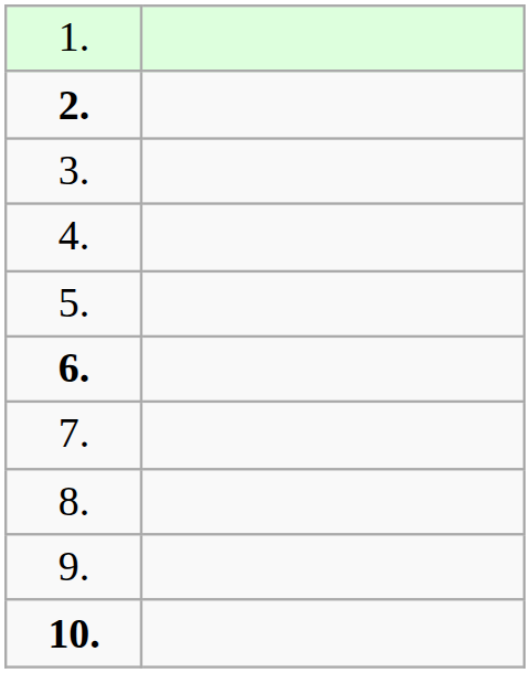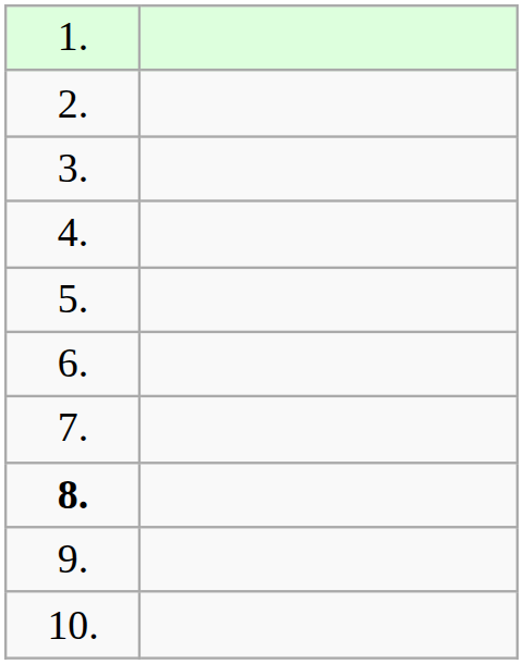 <table class="wikitable" style="text-align:center; width:200px;">
 <tr style="background:#dfd;">
 <td style="width:45px;">1.</td>
 <td style="padding-left:4px; text-align:left;"> </td>
 </tr>
 <tr>
-<td><strong>2.</strong></td>
+<td>2.</td>
 <td style="padding-left:4px; text-align:left;"></td>
 </tr>
 <tr>
 <td>3.</td>
 <td style="padding-left:4px; text-align:left;"></td>
 </tr>
 <tr>
 <td>4.</td>
 <td style="padding-left:4px; text-align:left;"></td>
 </tr>
 <tr>
 <td>5.</td>
 <td style="padding-left:4px; text-align:left;"></td>
 </tr>
 <tr>
-<td><strong>6.</strong></td>
+<td>6.</td>
 <td style="padding-left:4px; text-align:left;"></td>
 </tr>
 <tr>
 <td>7.</td>
 <td style="padding-left:4px; text-align:left;"></td>
 </tr>
 <tr>
-<td>8.</td>
+<td><strong>8.</strong></td>
 <td style="padding-left:4px; text-align:left;"></td>
 </tr>
 <tr>
 <td>9.</td>
 <td style="padding-left:4px; text-align:left;"></td>
 </tr>
 <tr>
-<td><strong>10.</strong></td>
+<td>10.</td>
 <td style="padding-left:4px; text-align:left;"></td>
 </tr>
 </table>
